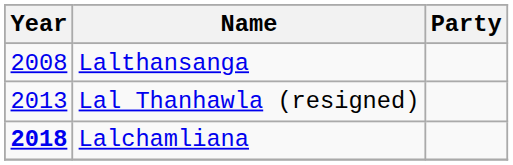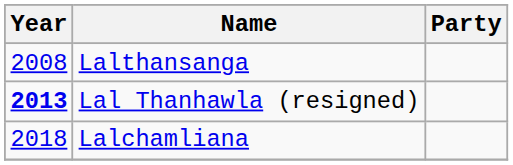 <table class="wikitable sortable">
 <tr>
 <th>Year</th>
 <th>Name</th>
 <th colspan=2>Party</th>
 </tr>
 <tr>
 <td><a href='#'>2008</a></td>
 <td><a href='#'>Lalthansanga</a></td>
 <td></td>
 </tr>
 <tr>
-<td><a href='#'>2013</a></td>
+<td><strong><a href='#'>2013</a></strong></td>
 <td><a href='#'>Lal Thanhawla</a> (resigned)</td>
 <td></td>
 </tr>
 <tr>
-<td><strong><a href='#'>2018</a></strong></td>
+<td><a href='#'>2018</a></td>
 <td><a href='#'>Lalchamliana</a></td>
 <td></td>
 </tr>
 <tr>
 </tr>
 </table>
